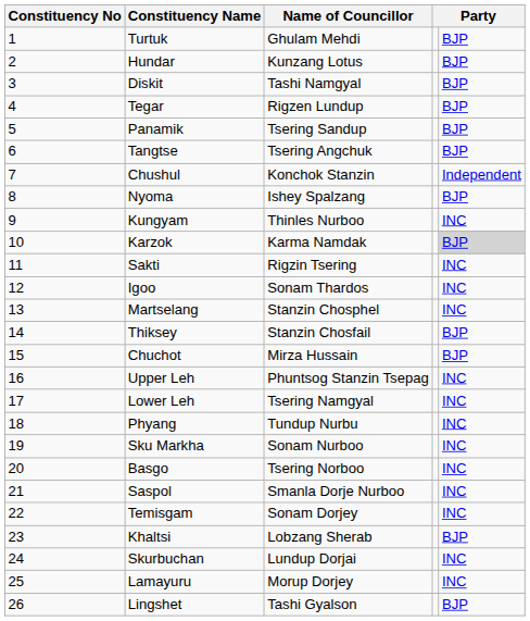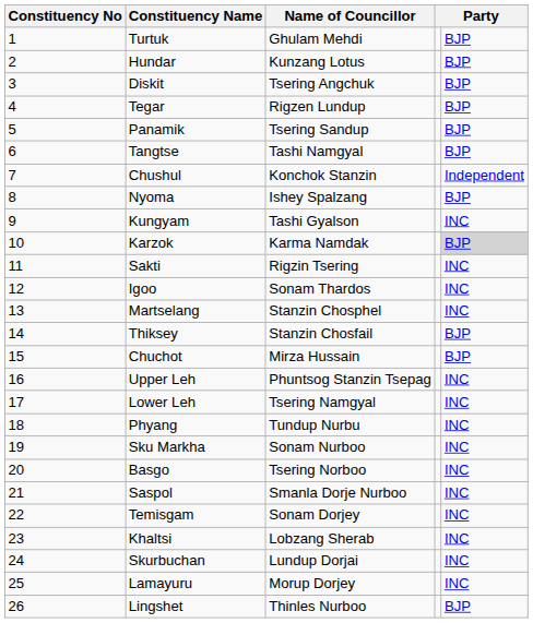 <table class="wikitable sortable">
 <tr>
 <th>Constituency No</th>
 <th>Constituency Name</th>
 <th>Name of Councillor</th>
 <th colspan="2">Party</th>
 </tr>
 <tr>
 <td>1</td>
 <td>Turtuk</td>
 <td>Ghulam Mehdi</td>
 <td style="background-color: "></td>
 <td><a href='#'>BJP</a></td>
 </tr>
 <tr>
 <td>2</td>
 <td>Hundar</td>
 <td>Kunzang Lotus</td>
 <td style="background-color: "></td>
 <td><a href='#'>BJP</a></td>
 </tr>
 <tr>
 <td>3</td>
 <td>Diskit</td>
-<td>Tashi Namgyal</td>
+<td>Tsering Angchuk</td>
 <td style="background-color: "></td>
 <td><a href='#'>BJP</a></td>
 </tr>
 <tr>
 <td>4</td>
 <td>Tegar</td>
 <td>Rigzen Lundup</td>
 <td style="background-color: "></td>
 <td><a href='#'>BJP</a></td>
 </tr>
 <tr>
 <td>5</td>
 <td>Panamik</td>
 <td>Tsering Sandup</td>
 <td style="background-color: "></td>
 <td><a href='#'>BJP</a></td>
 </tr>
 <tr>
 <td>6</td>
 <td>Tangtse</td>
-<td>Tsering Angchuk</td>
+<td>Tashi Namgyal</td>
 <td style="background-color: "></td>
 <td><a href='#'>BJP</a></td>
 </tr>
 <tr>
 <td>7</td>
 <td>Chushul</td>
 <td>Konchok Stanzin</td>
 <td style="background-color: "></td>
 <td><a href='#'>Independent</a></td>
 </tr>
 <tr>
 <td>8</td>
 <td>Nyoma</td>
 <td>Ishey Spalzang</td>
 <td style="background-color: "></td>
 <td><a href='#'>BJP</a></td>
 </tr>
 <tr>
 <td>9</td>
 <td>Kungyam</td>
-<td>Thinles Nurboo</td>
+<td>Tashi Gyalson</td>
 <td style="background-color: "></td>
 <td><a href='#'>INC</a></td>
 </tr>
 <tr>
 <td>10</td>
 <td>Karzok</td>
 <td>Karma Namdak</td>
 <td style="background-color: "></td>
 <td style="background: lightgrey;"><a href='#'>BJP</a></td>
 </tr>
 <tr>
 <td>11</td>
 <td>Sakti</td>
 <td>Rigzin Tsering</td>
 <td style="background-color: "></td>
 <td><a href='#'>INC</a></td>
 </tr>
 <tr>
 <td>12</td>
 <td>Igoo</td>
 <td>Sonam Thardos</td>
 <td style="background-color: "></td>
 <td><a href='#'>INC</a></td>
 </tr>
 <tr>
 <td>13</td>
 <td>Martselang</td>
 <td>Stanzin Chosphel</td>
 <td style="background-color: "></td>
 <td><a href='#'>INC</a></td>
 </tr>
 <tr>
 <td>14</td>
 <td>Thiksey</td>
 <td>Stanzin Chosfail</td>
 <td style="background-color: "></td>
 <td><a href='#'>BJP</a></td>
 </tr>
 <tr>
 <td>15</td>
 <td>Chuchot</td>
 <td>Mirza Hussain</td>
 <td style="background-color: "></td>
 <td><a href='#'>BJP</a></td>
 </tr>
 <tr>
 <td>16</td>
 <td>Upper Leh</td>
 <td>Phuntsog Stanzin Tsepag</td>
 <td style="background-color: "></td>
 <td><a href='#'>INC</a></td>
 </tr>
 <tr>
 <td>17</td>
 <td>Lower Leh</td>
 <td>Tsering Namgyal</td>
 <td style="background-color: "></td>
 <td><a href='#'>INC</a></td>
 </tr>
 <tr>
 <td>18</td>
 <td>Phyang</td>
 <td>Tundup Nurbu</td>
 <td style="background-color: "></td>
 <td><a href='#'>INC</a></td>
 </tr>
 <tr>
 <td>19</td>
 <td>Sku Markha</td>
 <td>Sonam Nurboo</td>
 <td style="background-color: "></td>
 <td><a href='#'>INC</a></td>
 </tr>
 <tr>
 <td>20</td>
 <td>Basgo</td>
 <td>Tsering Norboo</td>
 <td style="background-color: "></td>
 <td><a href='#'>INC</a></td>
 </tr>
 <tr>
 <td>21</td>
 <td>Saspol</td>
 <td>Smanla Dorje Nurboo</td>
 <td style="background-color: "></td>
 <td><a href='#'>INC</a></td>
 </tr>
 <tr>
 <td>22</td>
 <td>Temisgam</td>
 <td>Sonam Dorjey</td>
 <td style="background-color: "></td>
 <td><a href='#'>INC</a></td>
 </tr>
 <tr>
 <td>23</td>
 <td>Khaltsi</td>
 <td>Lobzang Sherab</td>
 <td style="background-color: "></td>
-<td><a href='#'>BJP</a></td>
+<td><a href='#'>INC</a></td>
 </tr>
 <tr>
 <td>24</td>
 <td>Skurbuchan</td>
 <td>Lundup Dorjai</td>
 <td style="background-color: "></td>
 <td><a href='#'>INC</a></td>
 </tr>
 <tr>
 <td>25</td>
 <td>Lamayuru</td>
 <td>Morup Dorjey</td>
 <td style="background-color: "></td>
 <td><a href='#'>INC</a></td>
 </tr>
 <tr>
 <td>26</td>
 <td>Lingshet</td>
-<td>Tashi Gyalson</td>
+<td>Thinles Nurboo</td>
 <td style="background-color: "></td>
 <td><a href='#'>BJP</a></td>
 </tr>
 </table>
